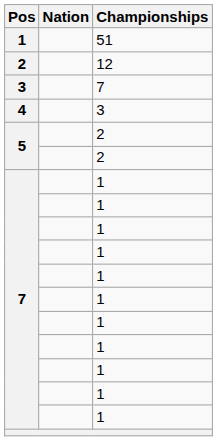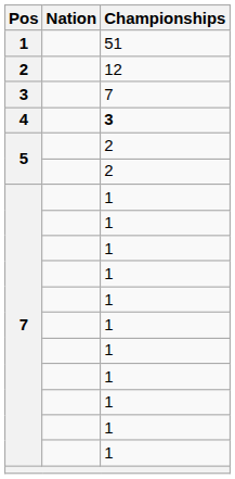 <table class="wikitable" style="font-size:85%;">
 <tr>
 <th>Pos</th>
 <th>Nation</th>
 <th>Championships</th>
 </tr>
 <tr>
 <th>1</th>
 <td></td>
 <td>51</td>
 </tr>
 <tr>
 <th>2</th>
 <td></td>
 <td>12</td>
 </tr>
 <tr>
 <th>3</th>
 <td></td>
 <td>7</td>
 </tr>
 <tr>
 <th>4</th>
 <td></td>
-<td>3</td>
+<td><strong>3</strong></td>
 </tr>
 <tr>
 <th rowspan=2>5</th>
 <td></td>
 <td>2</td>
 </tr>
 <tr>
 <td></td>
 <td>2</td>
 </tr>
 <tr>
 <th rowspan=11>7</th>
 <td></td>
 <td>1</td>
 </tr>
 <tr>
 <td></td>
 <td>1</td>
 </tr>
 <tr>
 <td></td>
 <td>1</td>
 </tr>
 <tr>
 <td></td>
 <td>1</td>
 </tr>
 <tr>
 <td></td>
 <td>1</td>
 </tr>
 <tr>
 <td></td>
 <td>1</td>
 </tr>
 <tr>
 <td></td>
 <td>1</td>
 </tr>
 <tr>
 <td></td>
 <td>1</td>
 </tr>
 <tr>
 <td></td>
 <td>1</td>
 </tr>
 <tr>
 <td></td>
 <td>1</td>
 </tr>
 <tr>
 <td></td>
 <td>1</td>
 </tr>
 <tr>
 <th colspan="3"></th>
 </tr>
 </table>
